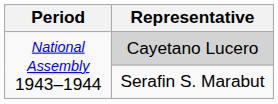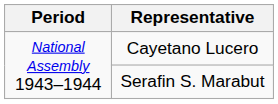 <table class="wikitable" style="text-align:center; width:40%;">
 <tr>
 <th width="40%">Period</th>
 <th>Representative</th>
 </tr>
 <tr>
 <td rowspan="2"><small><a href='#'><em>National Assembly</em></a></small><br>1943–1944</td>
-<td style="background: lightgrey;">Cayetano Lucero</td>
+<td>Cayetano Lucero</td>
 </tr>
 <tr>
 <td>Serafin S. Marabut</td>
 </tr>
 </table>
